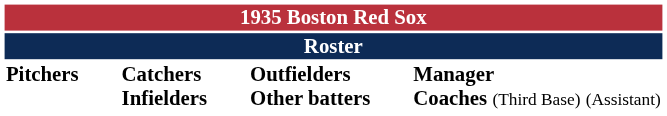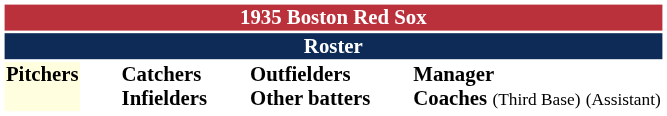 <table class="toccolours" style="text-align: left;">
 <tr>
 <th colspan="10" style="background-color: #ba313c; color: white; text-align: center;">1935 Boston Red Sox</th>
 </tr>
 <tr>
 <td colspan="10" style="background-color: #0d2b56; color: white; text-align: center;"><strong>Roster</strong></td>
 </tr>
 <tr>
-<td valign="top"><strong>Pitchers</strong><br>              </td>
+<td valign="top" style="background: lightyellow;"><strong>Pitchers</strong><br>              </td>
 <td width="25px"></td>
 <td valign="top"><strong>Catchers</strong><br>   <strong>Infielders</strong>        </td>
 <td width="25px"></td>
 <td valign="top"><strong>Outfielders</strong><br>       <strong>Other batters</strong> </td>
 <td width="25px"></td>
 <td valign="top"><strong>Manager</strong><br> <strong>Coaches</strong>  <small>(Third Base)</small>  <small>(Assistant)</small></td>
 </tr>
 <tr>
 </tr>
 </table>
